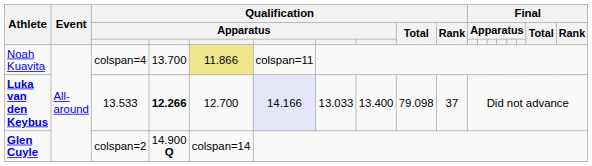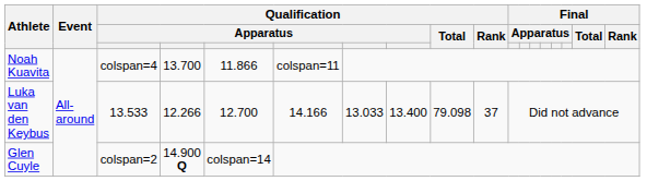 <table class="wikitable" style="font-size:90%">
 <tr>
 <th rowspan=3>Athlete</th>
 <th rowspan=3>Event</th>
 <th colspan =8>Qualification</th>
 <th colspan =8>Final</th>
 </tr>
 <tr style="font-size:95%">
 <th colspan=6>Apparatus</th>
 <th rowspan=2>Total</th>
 <th rowspan=2>Rank</th>
 <th colspan=6>Apparatus</th>
 <th rowspan=2>Total</th>
 <th rowspan=2>Rank</th>
 </tr>
 <tr style="font-size:95%">
 <th></th>
 <th></th>
 <th></th>
 <th></th>
 <th></th>
 <th></th>
 <th></th>
 <th></th>
 <th></th>
 <th></th>
 <th></th>
 <th></th>
 </tr>
 <tr align=center>
 <td align=left><a href='#'>Noah Kuavita</a></td>
 <td align=left rowspan=3><a href='#'>All-around</a></td>
 <td>colspan=4 </td>
 <td>13.700</td>
-<td style="background: khaki;">11.866</td>
+<td>11.866</td>
 <td>colspan=11 </td>
 </tr>
 <tr align=center>
-<td align=left><strong><a href='#'>Luka van den Keybus</a></strong></td>
+<td align=left><a href='#'>Luka van den Keybus</a></td>
 <td>13.533</td>
-<td><strong>12.266</strong></td>
+<td>12.266</td>
 <td>12.700</td>
-<td style="background: lavender;">14.166</td>
+<td>14.166</td>
 <td>13.033</td>
 <td>13.400</td>
 <td>79.098</td>
 <td>37</td>
 <td colspan=8>Did not advance</td>
 </tr>
 <tr align=center>
-<td align=left><strong><a href='#'>Glen Cuyle</a></strong></td>
+<td align=left><a href='#'>Glen Cuyle</a></td>
 <td>colspan=2 </td>
 <td>14.900 <strong>Q</strong></td>
 <td>colspan=14 </td>
 </tr>
 </table>
